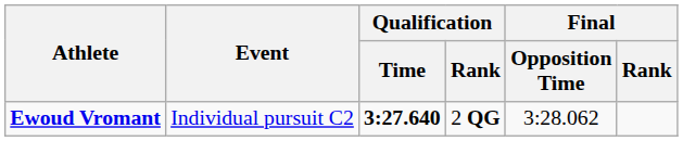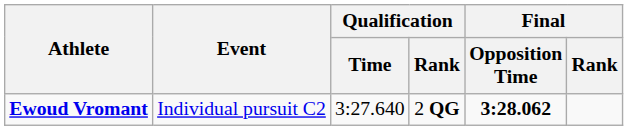 <table class=wikitable style="font-size:90%">
 <tr>
 <th rowspan="2">Athlete</th>
 <th rowspan="2">Event</th>
 <th colspan="2">Qualification</th>
 <th colspan="2">Final</th>
 </tr>
 <tr>
 <th>Time</th>
 <th>Rank</th>
 <th>Opposition<br>Time</th>
 <th>Rank</th>
 </tr>
 <tr align=center>
 <td align=left><strong><a href='#'>Ewoud Vromant</a></strong></td>
 <td align=left><a href='#'>Individual pursuit C2</a></td>
-<td><strong>3:27.640</strong></td>
+<td>3:27.640</td>
 <td>2 <strong>QG</strong></td>
-<td>3:28.062</td>
+<td><strong>3:28.062</strong></td>
 <td></td>
 </tr>
 </table>
